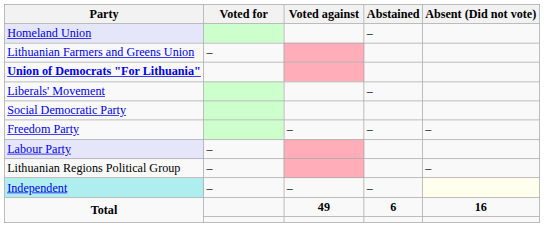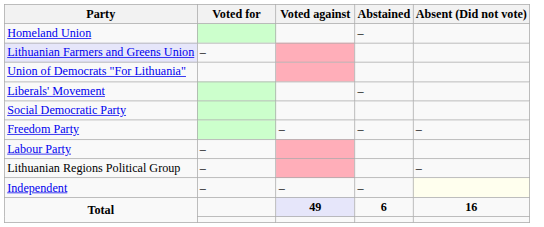 <table class="wikitable">
 <tr>
 <th>Party</th>
 <th style="width:15%;">Voted for</th>
 <th style="width:15%;">Voted against</th>
 <th>Abstained</th>
 <th>Absent (Did not vote)</th>
 </tr>
 <tr>
-<td style="background: lavender;"> <a href='#'>Homeland Union</a></td>
+<td> <a href='#'>Homeland Union</a></td>
 <td style="background-color:#CCFFCC;"></td>
 <td></td>
 <td>–</td>
 <td></td>
 </tr>
 <tr>
-<td> <a href='#'>Lithuanian Farmers and Greens Union</a></td>
+<td style="background: lavender;"> <a href='#'>Lithuanian Farmers and Greens Union</a></td>
 <td>–</td>
 <td style="background-color:#FFAEB9;"></td>
 <td></td>
 <td></td>
 </tr>
 <tr>
-<td><strong> <a href='#'>Union of Democrats "For Lithuania"</a></strong></td>
+<td> <a href='#'>Union of Democrats "For Lithuania"</a></td>
 <td></td>
 <td style="background-color:#FFAEB9;"></td>
 <td></td>
 <td></td>
 </tr>
 <tr>
 <td> <a href='#'>Liberals' Movement</a></td>
 <td style="background-color:#CCFFCC;"></td>
 <td></td>
 <td>–</td>
 <td></td>
 </tr>
 <tr>
 <td> <a href='#'>Social Democratic Party</a></td>
 <td style="background-color:#CCFFCC;"></td>
 <td></td>
 <td></td>
 <td></td>
 </tr>
 <tr>
 <td> <a href='#'>Freedom Party</a></td>
 <td style="background-color:#CCFFCC;"></td>
 <td>–</td>
 <td>–</td>
 <td>–</td>
 </tr>
 <tr>
-<td style="background: lavender;"> <a href='#'>Labour Party</a></td>
+<td> <a href='#'>Labour Party</a></td>
 <td>–</td>
 <td style="background-color:#FFAEB9;"></td>
 <td></td>
 <td></td>
 </tr>
 <tr>
 <td> Lithuanian Regions Political Group</td>
 <td>–</td>
 <td style="background-color:#FFAEB9;"></td>
 <td></td>
 <td>–</td>
 </tr>
 <tr>
-<td style="background: paleturquoise;"> <a href='#'>Independent</a></td>
+<td> <a href='#'>Independent</a></td>
 <td>–</td>
 <td>–</td>
 <td>–</td>
 <td style="background-color:#FFE;"></td>
 </tr>
 <tr>
 <td style="text-align:center;" rowspan="2"><strong>Total</strong></td>
 <td></td>
-<td style="text-align:center;"><strong>49</strong></td>
+<td style="background: lavender; text-align:center;"><strong>49</strong></td>
 <td style="text-align:center;"><strong>6</strong></td>
 <td style="text-align:center;"><strong>16</strong></td>
 </tr>
 <tr>
 <td style="text-align:center;"></td>
 <td style="text-align:center;"></td>
 <td style="text-align:center;"></td>
 <td style="text-align:center;"></td>
 </tr>
 </table>
